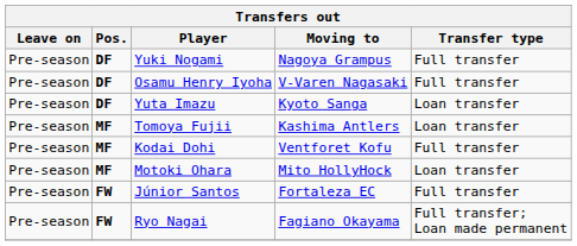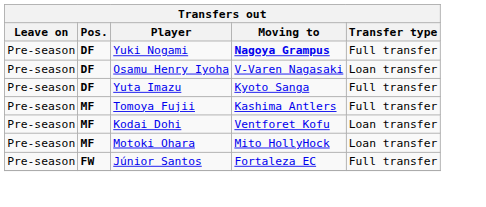 <table class="wikitable sortable" style=“text-align:left;>
 <tr>
 <th colspan="5">Transfers out</th>
 </tr>
 <tr>
 <th>Leave on</th>
 <th>Pos.</th>
 <th>Player</th>
 <th>Moving to</th>
 <th>Transfer type</th>
 </tr>
 <tr>
 <td>Pre-season</td>
 <td><strong>DF</strong></td>
 <td> <a href='#'>Yuki Nogami</a></td>
-<td> <a href='#'>Nagoya Grampus</a></td>
+<td><strong> <a href='#'>Nagoya Grampus</a></strong></td>
 <td>Full transfer</td>
 </tr>
 <tr>
 <td>Pre-season</td>
 <td><strong>DF</strong></td>
 <td> <a href='#'>Osamu Henry Iyoha</a></td>
 <td> <a href='#'>V-Varen Nagasaki</a></td>
-<td>Full transfer</td>
+<td>Loan transfer</td>
 </tr>
 <tr>
 <td>Pre-season</td>
 <td><strong>DF</strong></td>
 <td> <a href='#'>Yuta Imazu</a></td>
 <td> <a href='#'>Kyoto Sanga</a></td>
-<td>Loan transfer</td>
+<td>Full transfer</td>
 </tr>
 <tr>
 <td>Pre-season</td>
 <td><strong>MF</strong></td>
 <td> <a href='#'>Tomoya Fujii</a></td>
 <td> <a href='#'>Kashima Antlers</a></td>
-<td>Loan transfer</td>
+<td>Full transfer</td>
 </tr>
 <tr>
 <td>Pre-season</td>
 <td><strong>MF</strong></td>
 <td> <a href='#'>Kodai Dohi</a></td>
 <td> <a href='#'>Ventforet Kofu</a></td>
-<td>Full transfer</td>
+<td>Loan transfer</td>
 </tr>
 <tr>
 <td>Pre-season</td>
 <td><strong>MF</strong></td>
 <td> <a href='#'>Motoki Ohara</a></td>
 <td> <a href='#'>Mito HollyHock</a></td>
 <td>Loan transfer</td>
 </tr>
 <tr>
 <td>Pre-season</td>
 <td><strong>FW</strong></td>
 <td> <a href='#'>Júnior Santos</a></td>
 <td> <a href='#'>Fortaleza EC</a></td>
 <td>Full transfer</td>
 </tr>
 <tr>
-<td>Pre-season</td>
-<td><strong>FW</strong></td>
-<td> <a href='#'>Ryo Nagai</a></td>
-<td> <a href='#'>Fagiano Okayama</a></td>
-<td>Full transfer;<br> Loan made permanent</td>
-</tr>
-<tr>
 </tr>
 </table>
